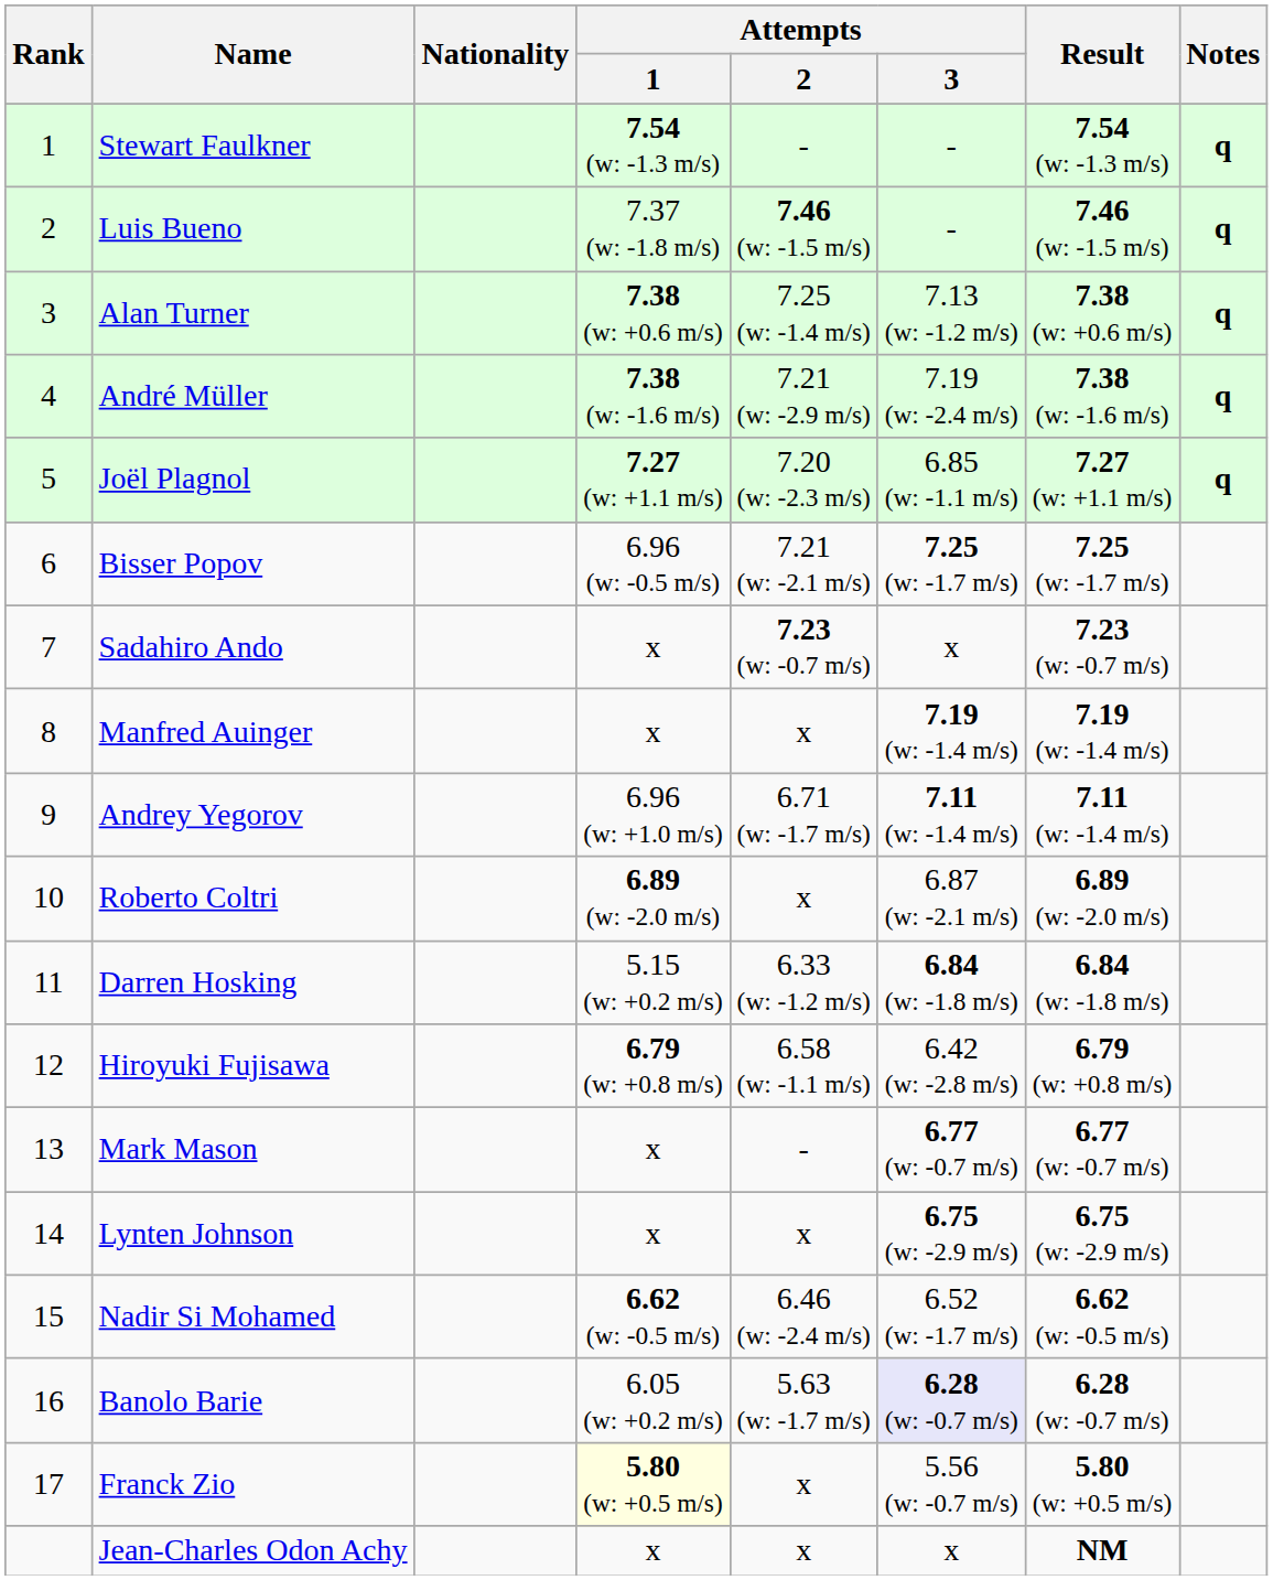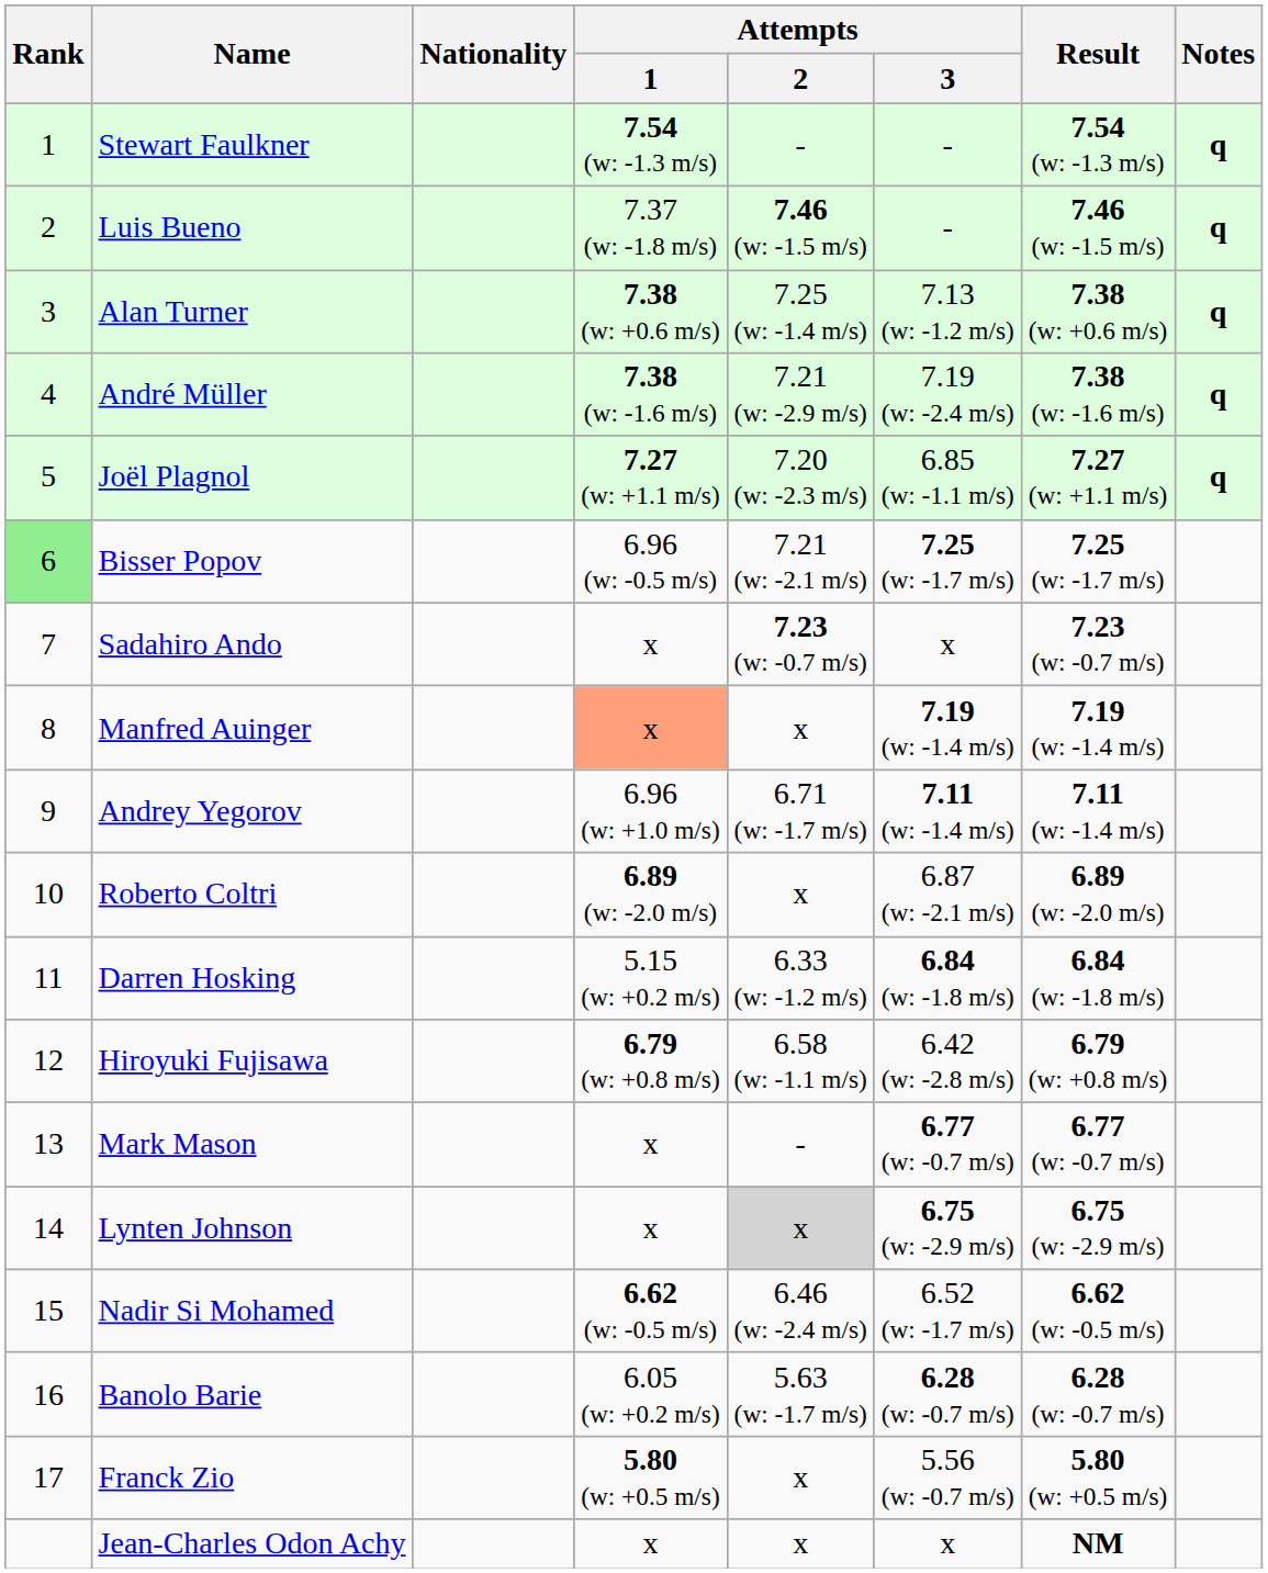 <table class="wikitable sortable" style="text-align:center">
 <tr>
 <th rowspan=2>Rank</th>
 <th rowspan=2>Name</th>
 <th rowspan=2>Nationality</th>
 <th colspan=3>Attempts</th>
 <th rowspan=2>Result</th>
 <th rowspan=2>Notes</th>
 </tr>
 <tr>
 <th>1</th>
 <th>2</th>
 <th>3</th>
 </tr>
 <tr bgcolor=ddffdd>
 <td>1</td>
 <td align=left><a href='#'>Stewart Faulkner</a></td>
 <td align=left></td>
 <td><strong>7.54</strong><br><small>(w: -1.3 m/s)</small></td>
 <td>-</td>
 <td>-</td>
 <td><strong>7.54</strong> <br><small>(w: -1.3 m/s)</small></td>
 <td><strong>q</strong></td>
 </tr>
 <tr bgcolor=ddffdd>
 <td>2</td>
 <td align=left><a href='#'>Luis Bueno</a></td>
 <td align=left></td>
 <td>7.37<br><small>(w: -1.8 m/s)</small></td>
 <td><strong>7.46</strong><br><small>(w: -1.5 m/s)</small></td>
 <td>-</td>
 <td><strong>7.46</strong> <br><small>(w: -1.5 m/s)</small></td>
 <td><strong>q</strong></td>
 </tr>
 <tr bgcolor=ddffdd>
 <td>3</td>
 <td align=left><a href='#'>Alan Turner</a></td>
 <td align=left></td>
 <td><strong>7.38</strong><br><small>(w: +0.6 m/s)</small></td>
 <td>7.25<br><small>(w: -1.4 m/s)</small></td>
 <td>7.13<br><small>(w: -1.2 m/s)</small></td>
 <td><strong>7.38</strong> <br><small>(w: +0.6 m/s)</small></td>
 <td><strong>q</strong></td>
 </tr>
 <tr bgcolor=ddffdd>
 <td>4</td>
 <td align=left><a href='#'>André Müller</a></td>
 <td align=left></td>
 <td><strong>7.38</strong><br><small>(w: -1.6 m/s)</small></td>
 <td>7.21<br><small>(w: -2.9 m/s)</small></td>
 <td>7.19<br><small>(w: -2.4 m/s)</small></td>
 <td><strong>7.38</strong> <br><small>(w: -1.6 m/s)</small></td>
 <td><strong>q</strong></td>
 </tr>
 <tr bgcolor=ddffdd>
 <td>5</td>
 <td align=left><a href='#'>Joël Plagnol</a></td>
 <td align=left></td>
 <td><strong>7.27</strong><br><small>(w: +1.1 m/s)</small></td>
 <td>7.20<br><small>(w: -2.3 m/s)</small></td>
 <td>6.85<br><small>(w: -1.1 m/s)</small></td>
 <td><strong>7.27</strong> <br><small>(w: +1.1 m/s)</small></td>
 <td><strong>q</strong></td>
 </tr>
 <tr>
-<td>6</td>
+<td style="background: lightgreen;">6</td>
 <td align=left><a href='#'>Bisser Popov</a></td>
 <td align=left></td>
 <td>6.96<br><small>(w: -0.5 m/s)</small></td>
 <td>7.21<br><small>(w: -2.1 m/s)</small></td>
 <td><strong>7.25</strong><br><small>(w: -1.7 m/s)</small></td>
 <td><strong>7.25</strong> <br><small>(w: -1.7 m/s)</small></td>
 <td></td>
 </tr>
 <tr>
 <td>7</td>
 <td align=left><a href='#'>Sadahiro Ando</a></td>
 <td align=left></td>
 <td>x</td>
 <td><strong>7.23</strong><br><small>(w: -0.7 m/s)</small></td>
 <td>x</td>
 <td><strong>7.23</strong> <br><small>(w: -0.7 m/s)</small></td>
 <td></td>
 </tr>
 <tr>
 <td>8</td>
 <td align=left><a href='#'>Manfred Auinger</a></td>
 <td align=left></td>
-<td>x</td>
+<td style="background: lightsalmon;">x</td>
 <td>x</td>
 <td><strong>7.19</strong><br><small>(w: -1.4 m/s)</small></td>
 <td><strong>7.19</strong> <br><small>(w: -1.4 m/s)</small></td>
 <td></td>
 </tr>
 <tr>
 <td>9</td>
 <td align=left><a href='#'>Andrey Yegorov</a></td>
 <td align=left></td>
 <td>6.96<br><small>(w: +1.0 m/s)</small></td>
 <td>6.71<br><small>(w: -1.7 m/s)</small></td>
 <td><strong>7.11</strong><br><small>(w: -1.4 m/s)</small></td>
 <td><strong>7.11</strong> <br><small>(w: -1.4 m/s)</small></td>
 <td></td>
 </tr>
 <tr>
 <td>10</td>
 <td align=left><a href='#'>Roberto Coltri</a></td>
 <td align=left></td>
 <td><strong>6.89</strong><br><small>(w: -2.0 m/s)</small></td>
 <td>x</td>
 <td>6.87<br><small>(w: -2.1 m/s)</small></td>
 <td><strong>6.89</strong> <br><small>(w: -2.0 m/s)</small></td>
 <td></td>
 </tr>
 <tr>
 <td>11</td>
 <td align=left><a href='#'>Darren Hosking</a></td>
 <td align=left></td>
 <td>5.15<br><small>(w: +0.2 m/s)</small></td>
 <td>6.33<br><small>(w: -1.2 m/s)</small></td>
 <td><strong>6.84</strong><br><small>(w: -1.8 m/s)</small></td>
 <td><strong>6.84</strong> <br><small>(w: -1.8 m/s)</small></td>
 <td></td>
 </tr>
 <tr>
 <td>12</td>
 <td align=left><a href='#'>Hiroyuki Fujisawa</a></td>
 <td align=left></td>
 <td><strong>6.79</strong><br><small>(w: +0.8 m/s)</small></td>
 <td>6.58<br><small>(w: -1.1 m/s)</small></td>
 <td>6.42<br><small>(w: -2.8 m/s)</small></td>
 <td><strong>6.79</strong> <br><small>(w: +0.8 m/s)</small></td>
 <td></td>
 </tr>
 <tr>
 <td>13</td>
 <td align=left><a href='#'>Mark Mason</a></td>
 <td align=left></td>
 <td>x</td>
 <td>-</td>
 <td><strong>6.77</strong><br><small>(w: -0.7 m/s)</small></td>
 <td><strong>6.77</strong> <br><small>(w: -0.7 m/s)</small></td>
 <td></td>
 </tr>
 <tr>
 <td>14</td>
 <td align=left><a href='#'>Lynten Johnson</a></td>
 <td align=left></td>
 <td>x</td>
-<td>x</td>
+<td style="background: lightgrey;">x</td>
 <td><strong>6.75</strong><br><small>(w: -2.9 m/s)</small></td>
 <td><strong>6.75</strong> <br><small>(w: -2.9 m/s)</small></td>
 <td></td>
 </tr>
 <tr>
 <td>15</td>
 <td align=left><a href='#'>Nadir Si Mohamed</a></td>
 <td align=left></td>
 <td><strong>6.62</strong><br><small>(w: -0.5 m/s)</small></td>
 <td>6.46<br><small>(w: -2.4 m/s)</small></td>
 <td>6.52<br><small>(w: -1.7 m/s)</small></td>
 <td><strong>6.62</strong> <br><small>(w: -0.5 m/s)</small></td>
 <td></td>
 </tr>
 <tr>
 <td>16</td>
 <td align=left><a href='#'>Banolo Barie</a></td>
 <td align=left></td>
 <td>6.05<br><small>(w: +0.2 m/s)</small></td>
 <td>5.63<br><small>(w: -1.7 m/s)</small></td>
-<td style="background: lavender;"><strong>6.28</strong><br><small>(w: -0.7 m/s)</small></td>
+<td><strong>6.28</strong><br><small>(w: -0.7 m/s)</small></td>
 <td><strong>6.28</strong> <br><small>(w: -0.7 m/s)</small></td>
 <td></td>
 </tr>
 <tr>
 <td>17</td>
 <td align=left><a href='#'>Franck Zio</a></td>
 <td align=left></td>
-<td style="background: lightyellow;"><strong>5.80</strong><br><small>(w: +0.5 m/s)</small></td>
+<td><strong>5.80</strong><br><small>(w: +0.5 m/s)</small></td>
 <td>x</td>
 <td>5.56<br><small>(w: -0.7 m/s)</small></td>
 <td><strong>5.80</strong> <br><small>(w: +0.5 m/s)</small></td>
 <td></td>
 </tr>
 <tr>
 <td></td>
 <td align=left><a href='#'>Jean-Charles Odon Achy</a></td>
 <td align=left></td>
 <td>x</td>
 <td>x</td>
 <td>x</td>
 <td><strong>NM</strong></td>
 <td></td>
 </tr>
 </table>
